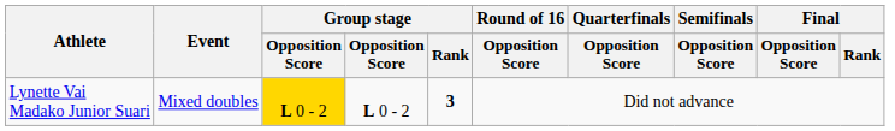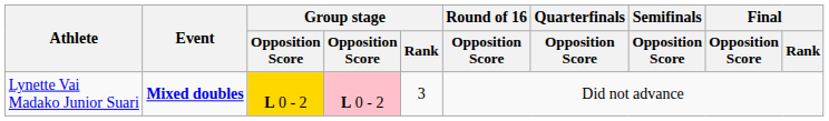 <table class=wikitable style="font-size:90%">
 <tr>
 <th rowspan=2>Athlete</th>
 <th rowspan=2>Event</th>
 <th colspan=3>Group stage</th>
 <th>Round of 16</th>
 <th>Quarterfinals</th>
 <th>Semifinals</th>
 <th colspan=2>Final</th>
 </tr>
 <tr style="font-size:95%">
 <th>Opposition<br>Score</th>
 <th>Opposition<br>Score</th>
 <th>Rank</th>
 <th>Opposition<br>Score</th>
 <th>Opposition<br>Score</th>
 <th>Opposition<br>Score</th>
 <th>Opposition<br>Score</th>
 <th>Rank</th>
 </tr>
 <tr align=center>
 <td align=left><a href='#'>Lynette Vai</a><br><a href='#'>Madako Junior Suari</a></td>
-<td align=left><a href='#'>Mixed doubles</a></td>
+<td align=left><strong><a href='#'>Mixed doubles</a></strong></td>
 <td style="background: gold;"><br><strong>L</strong> 0 - 2</td>
-<td><br><strong>L</strong> 0 - 2</td>
-<td><strong>3</strong></td>
+<td style="background: pink;"><br><strong>L</strong> 0 - 2</td>
+<td>3</td>
 <td colspan=5>Did not advance</td>
 </tr>
 </table>
